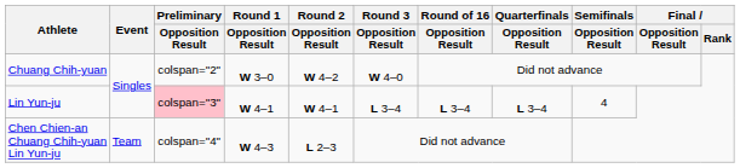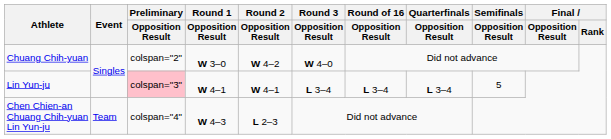 <table class="wikitable" style="font-size:90%; text-align:center">
 <tr>
 <th rowspan="2">Athlete</th>
 <th rowspan="2">Event</th>
 <th>Preliminary</th>
 <th>Round 1</th>
 <th>Round 2</th>
 <th>Round 3</th>
 <th>Round of 16</th>
 <th>Quarterfinals</th>
 <th>Semifinals</th>
 <th colspan="2">Final / </th>
 </tr>
 <tr style="font-size:95%">
 <th>Opposition<br>Result</th>
 <th>Opposition<br>Result</th>
 <th>Opposition<br>Result</th>
 <th>Opposition<br>Result</th>
 <th>Opposition<br>Result</th>
 <th>Opposition<br>Result</th>
 <th>Opposition<br>Result</th>
 <th>Opposition<br>Result</th>
 <th>Rank</th>
 </tr>
 <tr>
 <td align="left"><a href='#'>Chuang Chih-yuan</a></td>
 <td align="left" rowspan="2"><a href='#'>Singles</a></td>
 <td>colspan="2" </td>
 <td><br><strong>W</strong> 3–0</td>
 <td><br><strong>W</strong> 4–2</td>
 <td><br><strong>W</strong> 4–0</td>
 <td colspan="4">Did not advance</td>
 </tr>
 <tr>
 <td align="left"><a href='#'>Lin Yun-ju</a></td>
 <td style="background: pink;">colspan="3" </td>
 <td><br><strong>W</strong> 4–1</td>
 <td><br><strong>W</strong> 4–1</td>
 <td><br><strong>L</strong> 3–4</td>
 <td><br><strong>L</strong> 3–4</td>
 <td><br><strong>L</strong> 3–4</td>
-<td>4</td>
+<td>5</td>
 </tr>
 <tr>
 <td align="left"><a href='#'>Chen Chien-an</a><br><a href='#'>Chuang Chih-yuan</a><br><a href='#'>Lin Yun-ju</a></td>
 <td align="left"><a href='#'>Team</a></td>
 <td>colspan="4" </td>
 <td><br><strong>W</strong> 4–3</td>
 <td><br><strong>L</strong> 2–3</td>
 <td colspan="3">Did not advance</td>
 </tr>
 </table>
